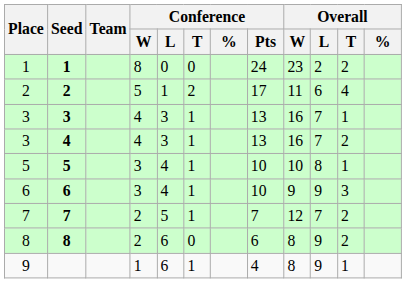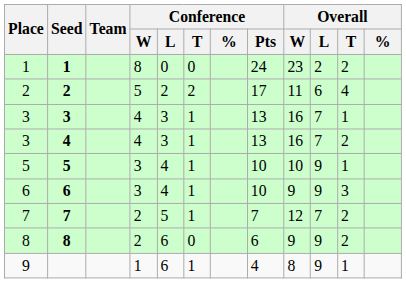 <table class="wikitable">
 <tr>
 <th rowspan ="2">Place</th>
 <th rowspan ="2">Seed</th>
 <th rowspan ="2">Team</th>
 <th colspan = "5">Conference</th>
 <th colspan = "4">Overall</th>
 </tr>
 <tr>
 <th scope=col style="width: 20px;">W</th>
 <th scope=col style="width: 20px;">L</th>
 <th scope=col style="width: 20px;">T</th>
 <th scope=col style="width: 30px;">%</th>
 <th scope=col style="width: 30px;">Pts</th>
 <th scope=col style="width: 20px;">W</th>
 <th scope=col style="width: 20px;">L</th>
 <th scope=col style="width: 20px;">T</th>
 <th scope=col style="width: 30px;">%</th>
 </tr>
 <tr bgcolor=#ccffcc>
 <td style="text-align:center;">1</td>
 <td style="text-align:center;"><strong>1</strong></td>
 <td></td>
 <td>8</td>
 <td>0</td>
 <td>0</td>
 <td></td>
 <td>24</td>
 <td>23</td>
 <td>2</td>
 <td>2</td>
 <td></td>
 </tr>
 <tr bgcolor=#ccffcc>
 <td style="text-align:center;">2</td>
 <td style="text-align:center;"><strong>2</strong></td>
 <td></td>
 <td>5</td>
-<td>1</td>
+<td>2</td>
 <td>2</td>
 <td></td>
 <td>17</td>
 <td>11</td>
 <td>6</td>
 <td>4</td>
 <td></td>
 </tr>
 <tr bgcolor=#ccffcc>
 <td style="text-align:center;">3</td>
 <td style="text-align:center;"><strong>3</strong></td>
 <td></td>
 <td>4</td>
 <td>3</td>
 <td>1</td>
 <td></td>
 <td>13</td>
 <td>16</td>
 <td>7</td>
 <td>1</td>
 <td></td>
 </tr>
 <tr bgcolor=#ccffcc>
 <td style="text-align:center;">3</td>
 <td style="text-align:center;"><strong>4</strong></td>
 <td></td>
 <td>4</td>
 <td>3</td>
 <td>1</td>
 <td></td>
 <td>13</td>
 <td>16</td>
 <td>7</td>
 <td>2</td>
 <td></td>
 </tr>
 <tr bgcolor=#ccffcc>
 <td style="text-align:center;">5</td>
 <td style="text-align:center;"><strong>5</strong></td>
 <td></td>
 <td>3</td>
 <td>4</td>
 <td>1</td>
 <td></td>
 <td>10</td>
 <td>10</td>
-<td>8</td>
+<td>9</td>
 <td>1</td>
 <td></td>
 </tr>
 <tr bgcolor=#ccffcc>
 <td style="text-align:center;">6</td>
 <td style="text-align:center;"><strong>6</strong></td>
 <td></td>
 <td>3</td>
 <td>4</td>
 <td>1</td>
 <td></td>
 <td>10</td>
 <td>9</td>
 <td>9</td>
 <td>3</td>
 <td></td>
 </tr>
 <tr bgcolor=#ccffcc>
 <td style="text-align:center;">7</td>
 <td style="text-align:center;"><strong>7</strong></td>
 <td></td>
 <td>2</td>
 <td>5</td>
 <td>1</td>
 <td></td>
 <td>7</td>
 <td>12</td>
 <td>7</td>
 <td>2</td>
 <td></td>
 </tr>
 <tr bgcolor=#ccffcc>
 <td style="text-align:center;">8</td>
 <td style="text-align:center;"><strong>8</strong></td>
 <td></td>
 <td>2</td>
 <td>6</td>
 <td>0</td>
 <td></td>
 <td>6</td>
-<td>8</td>
+<td>9</td>
 <td>9</td>
 <td>2</td>
 <td></td>
 </tr>
 <tr>
 <td style="text-align:center;">9</td>
 <td style="text-align:center;"></td>
 <td></td>
 <td>1</td>
 <td>6</td>
 <td>1</td>
 <td></td>
 <td>4</td>
 <td>8</td>
 <td>9</td>
 <td>1</td>
 <td></td>
 </tr>
 </table>
